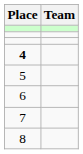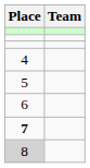 <table class="wikitable">
 <tr>
 <th>Place</th>
 <th>Team</th>
 </tr>
 <tr bgcolor=#ccffcc>
 <td align=center></td>
 <td></td>
 </tr>
 <tr>
 <td align=center></td>
 <td></td>
 </tr>
 <tr>
 <td align=center></td>
 <td></td>
 </tr>
 <tr>
-<td align=center><strong>4</strong></td>
+<td align=center>4</td>
 <td></td>
 </tr>
 <tr>
 <td align=center>5</td>
 <td></td>
 </tr>
 <tr>
 <td align=center>6</td>
 <td></td>
 </tr>
 <tr>
-<td align=center>7</td>
+<td align=center><strong>7</strong></td>
 <td></td>
 </tr>
 <tr>
-<td align=center>8</td>
+<td align=center style="background: lightgrey;">8</td>
 <td></td>
 </tr>
 </table>
